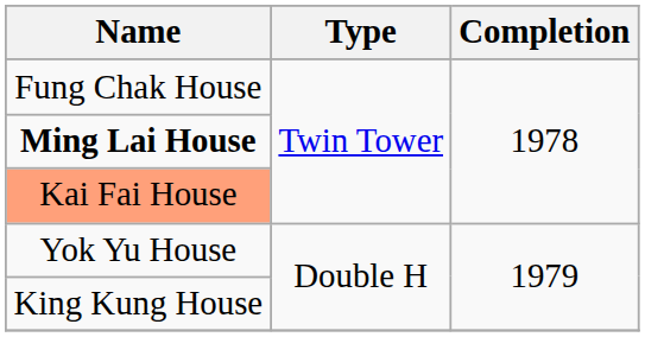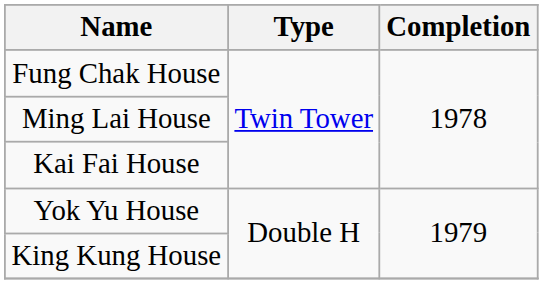 <table class="wikitable" style="text-align: center">
 <tr>
 <th>Name</th>
 <th>Type</th>
 <th>Completion</th>
 </tr>
 <tr>
 <td>Fung Chak House</td>
 <td rowspan="3"><a href='#'>Twin Tower</a></td>
 <td rowspan="3">1978</td>
 </tr>
 <tr>
-<td><strong>Ming Lai House</strong></td>
+<td>Ming Lai House</td>
 </tr>
 <tr>
-<td style="background: lightsalmon;">Kai Fai House</td>
+<td>Kai Fai House</td>
 </tr>
 <tr>
 <td>Yok Yu House</td>
 <td rowspan="2">Double H</td>
 <td rowspan="2">1979</td>
 </tr>
 <tr>
 <td>King Kung House</td>
 </tr>
 <tr>
 </tr>
 </table>
